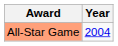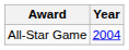 <table class="wikitable" border="1">
 <tr>
 <th>Award</th>
 <th>Year</th>
 </tr>
 <tr>
-<td style="background: lightsalmon;">All-Star Game</td>
+<td>All-Star Game</td>
 <td><a href='#'>2004</a></td>
 </tr>
 </table>
